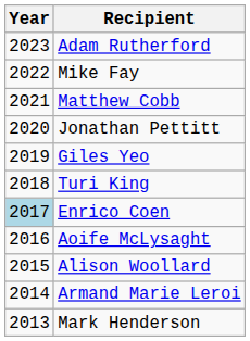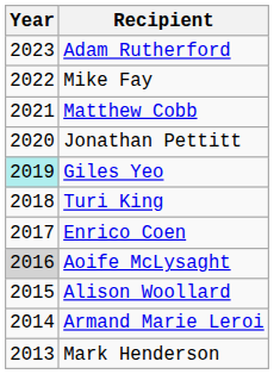 <table class="wikitable sortable">
 <tr>
 <th>Year</th>
 <th>Recipient</th>
 </tr>
 <tr>
 <td>2023</td>
 <td><a href='#'>Adam Rutherford</a></td>
 </tr>
 <tr>
 <td>2022</td>
 <td>Mike Fay</td>
 </tr>
 <tr>
 <td>2021</td>
 <td><a href='#'>Matthew Cobb</a></td>
 </tr>
 <tr>
 <td>2020</td>
 <td>Jonathan Pettitt</td>
 </tr>
 <tr>
-<td>2019</td>
+<td style="background: paleturquoise;">2019</td>
 <td><a href='#'>Giles Yeo</a></td>
 </tr>
 <tr>
 <td>2018</td>
 <td><a href='#'>Turi King</a></td>
 </tr>
 <tr>
-<td style="background: lightblue;">2017</td>
+<td>2017</td>
 <td><a href='#'>Enrico Coen</a></td>
 </tr>
 <tr>
-<td>2016</td>
+<td style="background: lightgrey;">2016</td>
 <td><a href='#'>Aoife McLysaght</a></td>
 </tr>
 <tr>
 <td>2015</td>
 <td><a href='#'>Alison Woollard</a></td>
 </tr>
 <tr>
 <td>2014</td>
 <td><a href='#'>Armand Marie Leroi</a></td>
 </tr>
 <tr>
 <td>2013</td>
 <td>Mark Henderson</td>
 </tr>
 </table>
